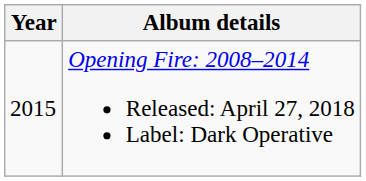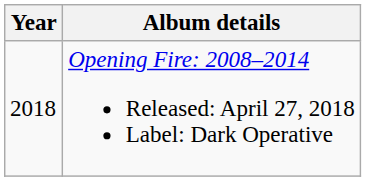 <table class="wikitable">
 <tr>
 <th width=33>Year</th>
 <th>Album details</th>
 </tr>
 <tr>
-<td>2015</td>
+<td>2018</td>
 <td><em><a href='#'>Opening Fire: 2008–2014</a></em><br><ul><li>Released: April 27, 2018</li><li>Label: Dark Operative</li></ul></td>
 </tr>
 </table>
